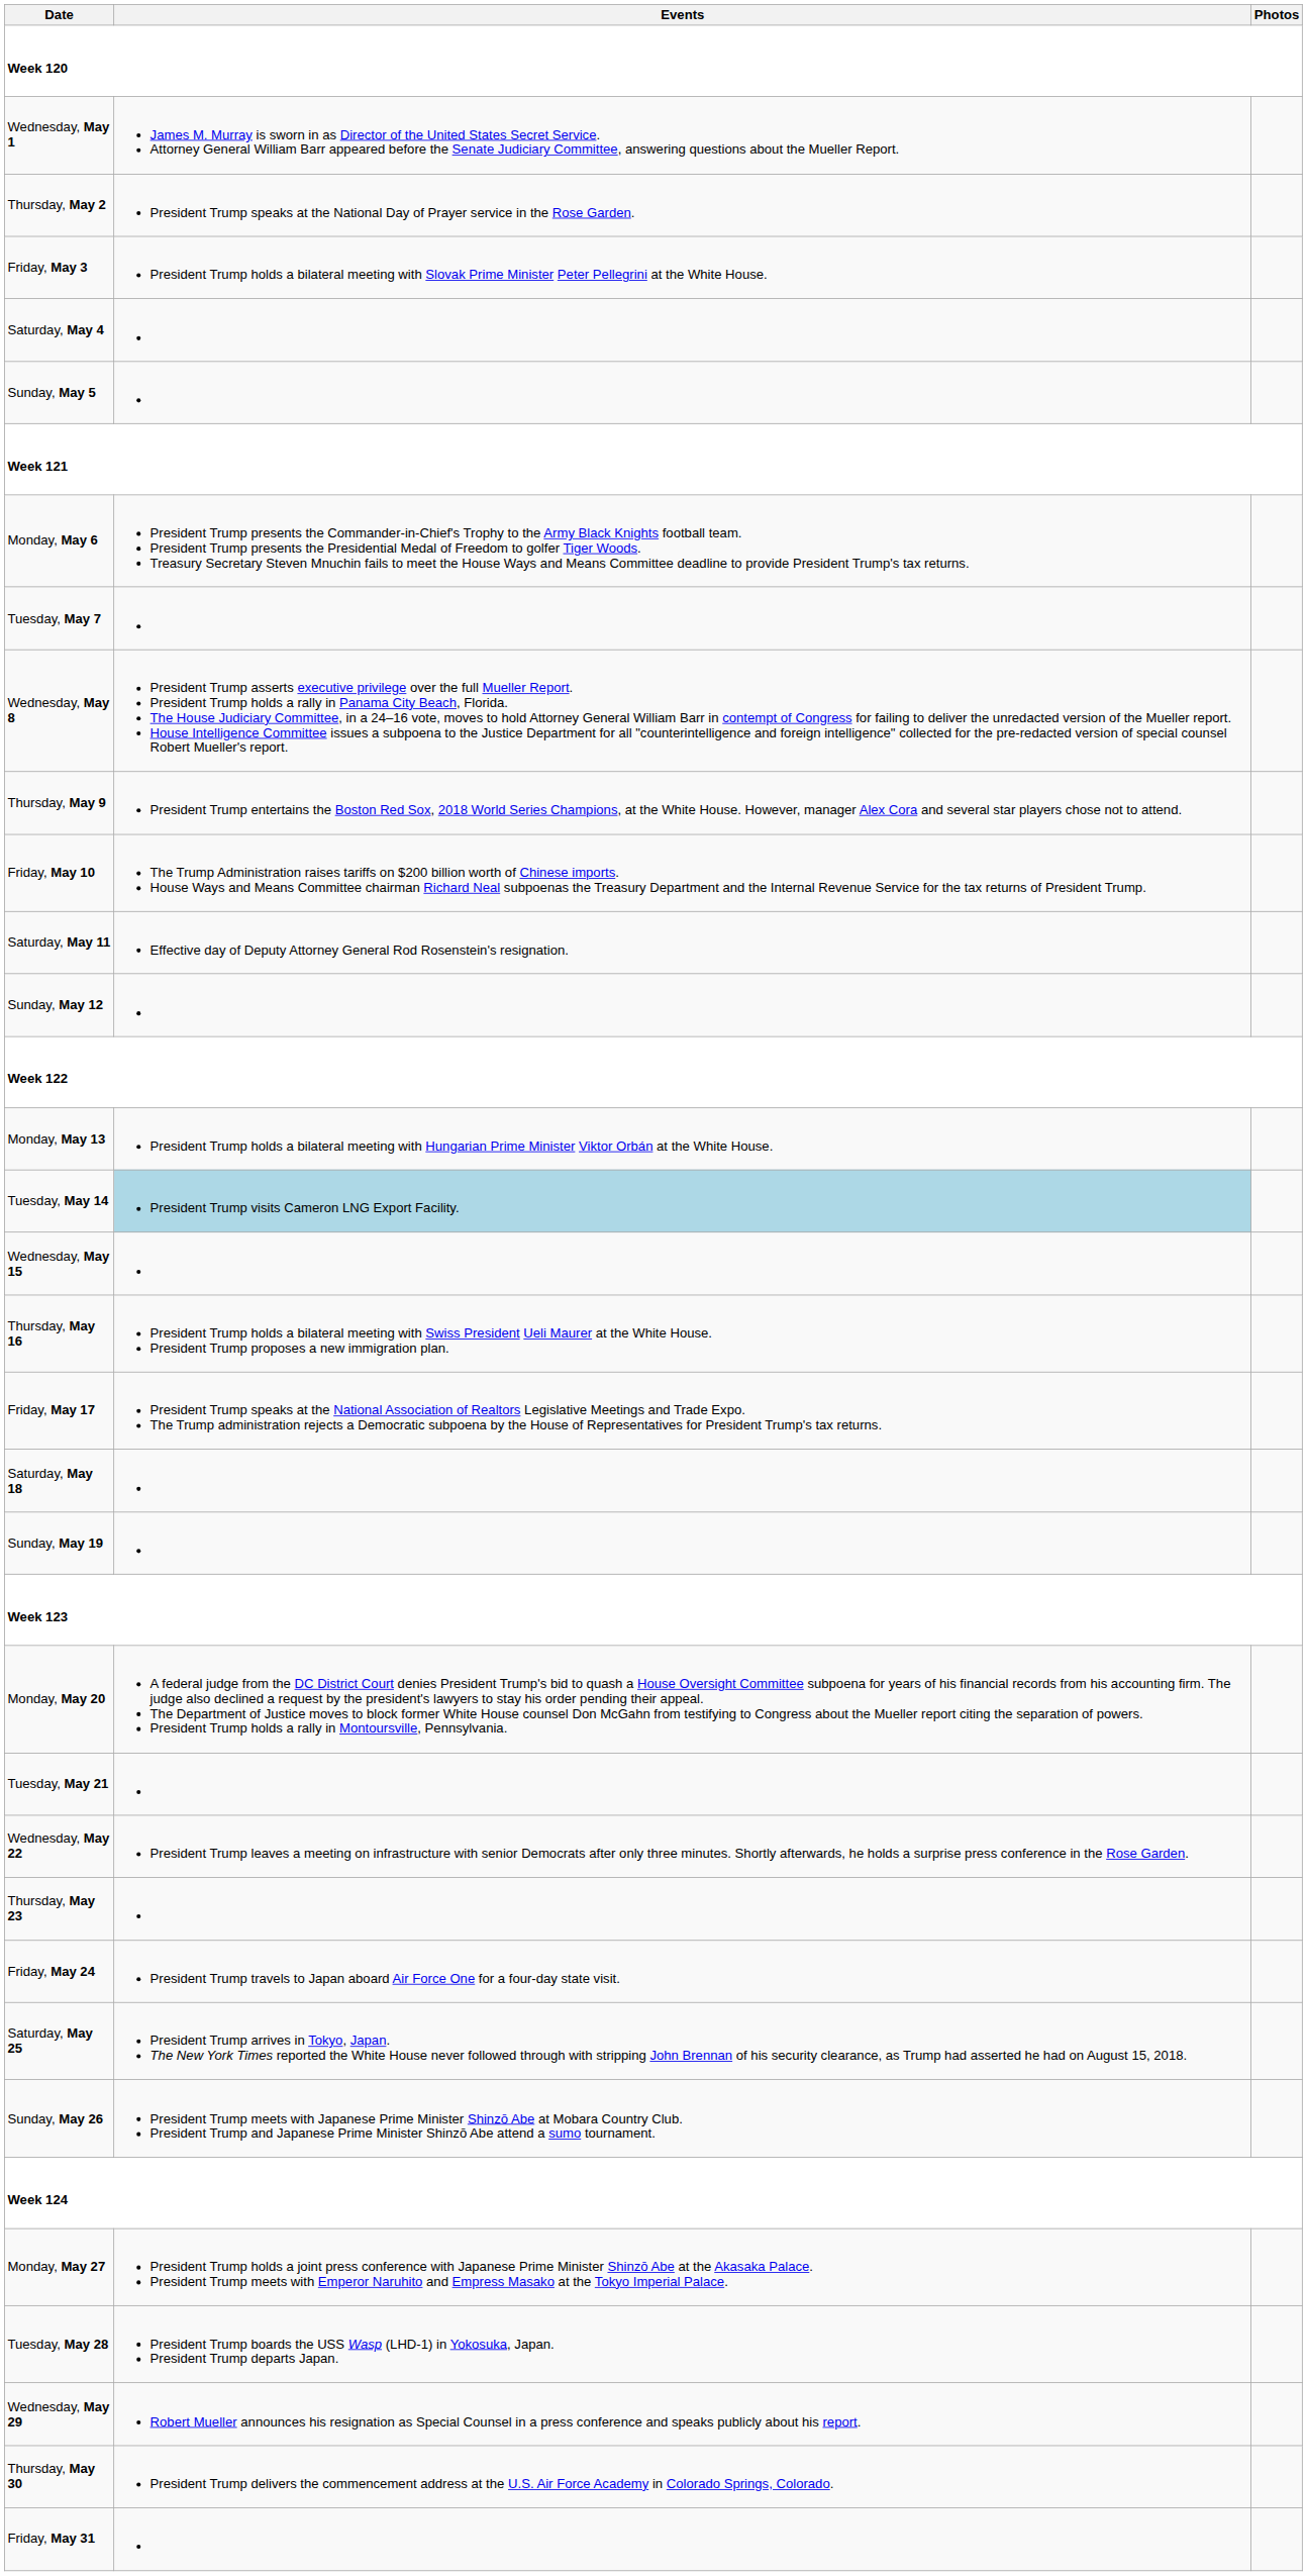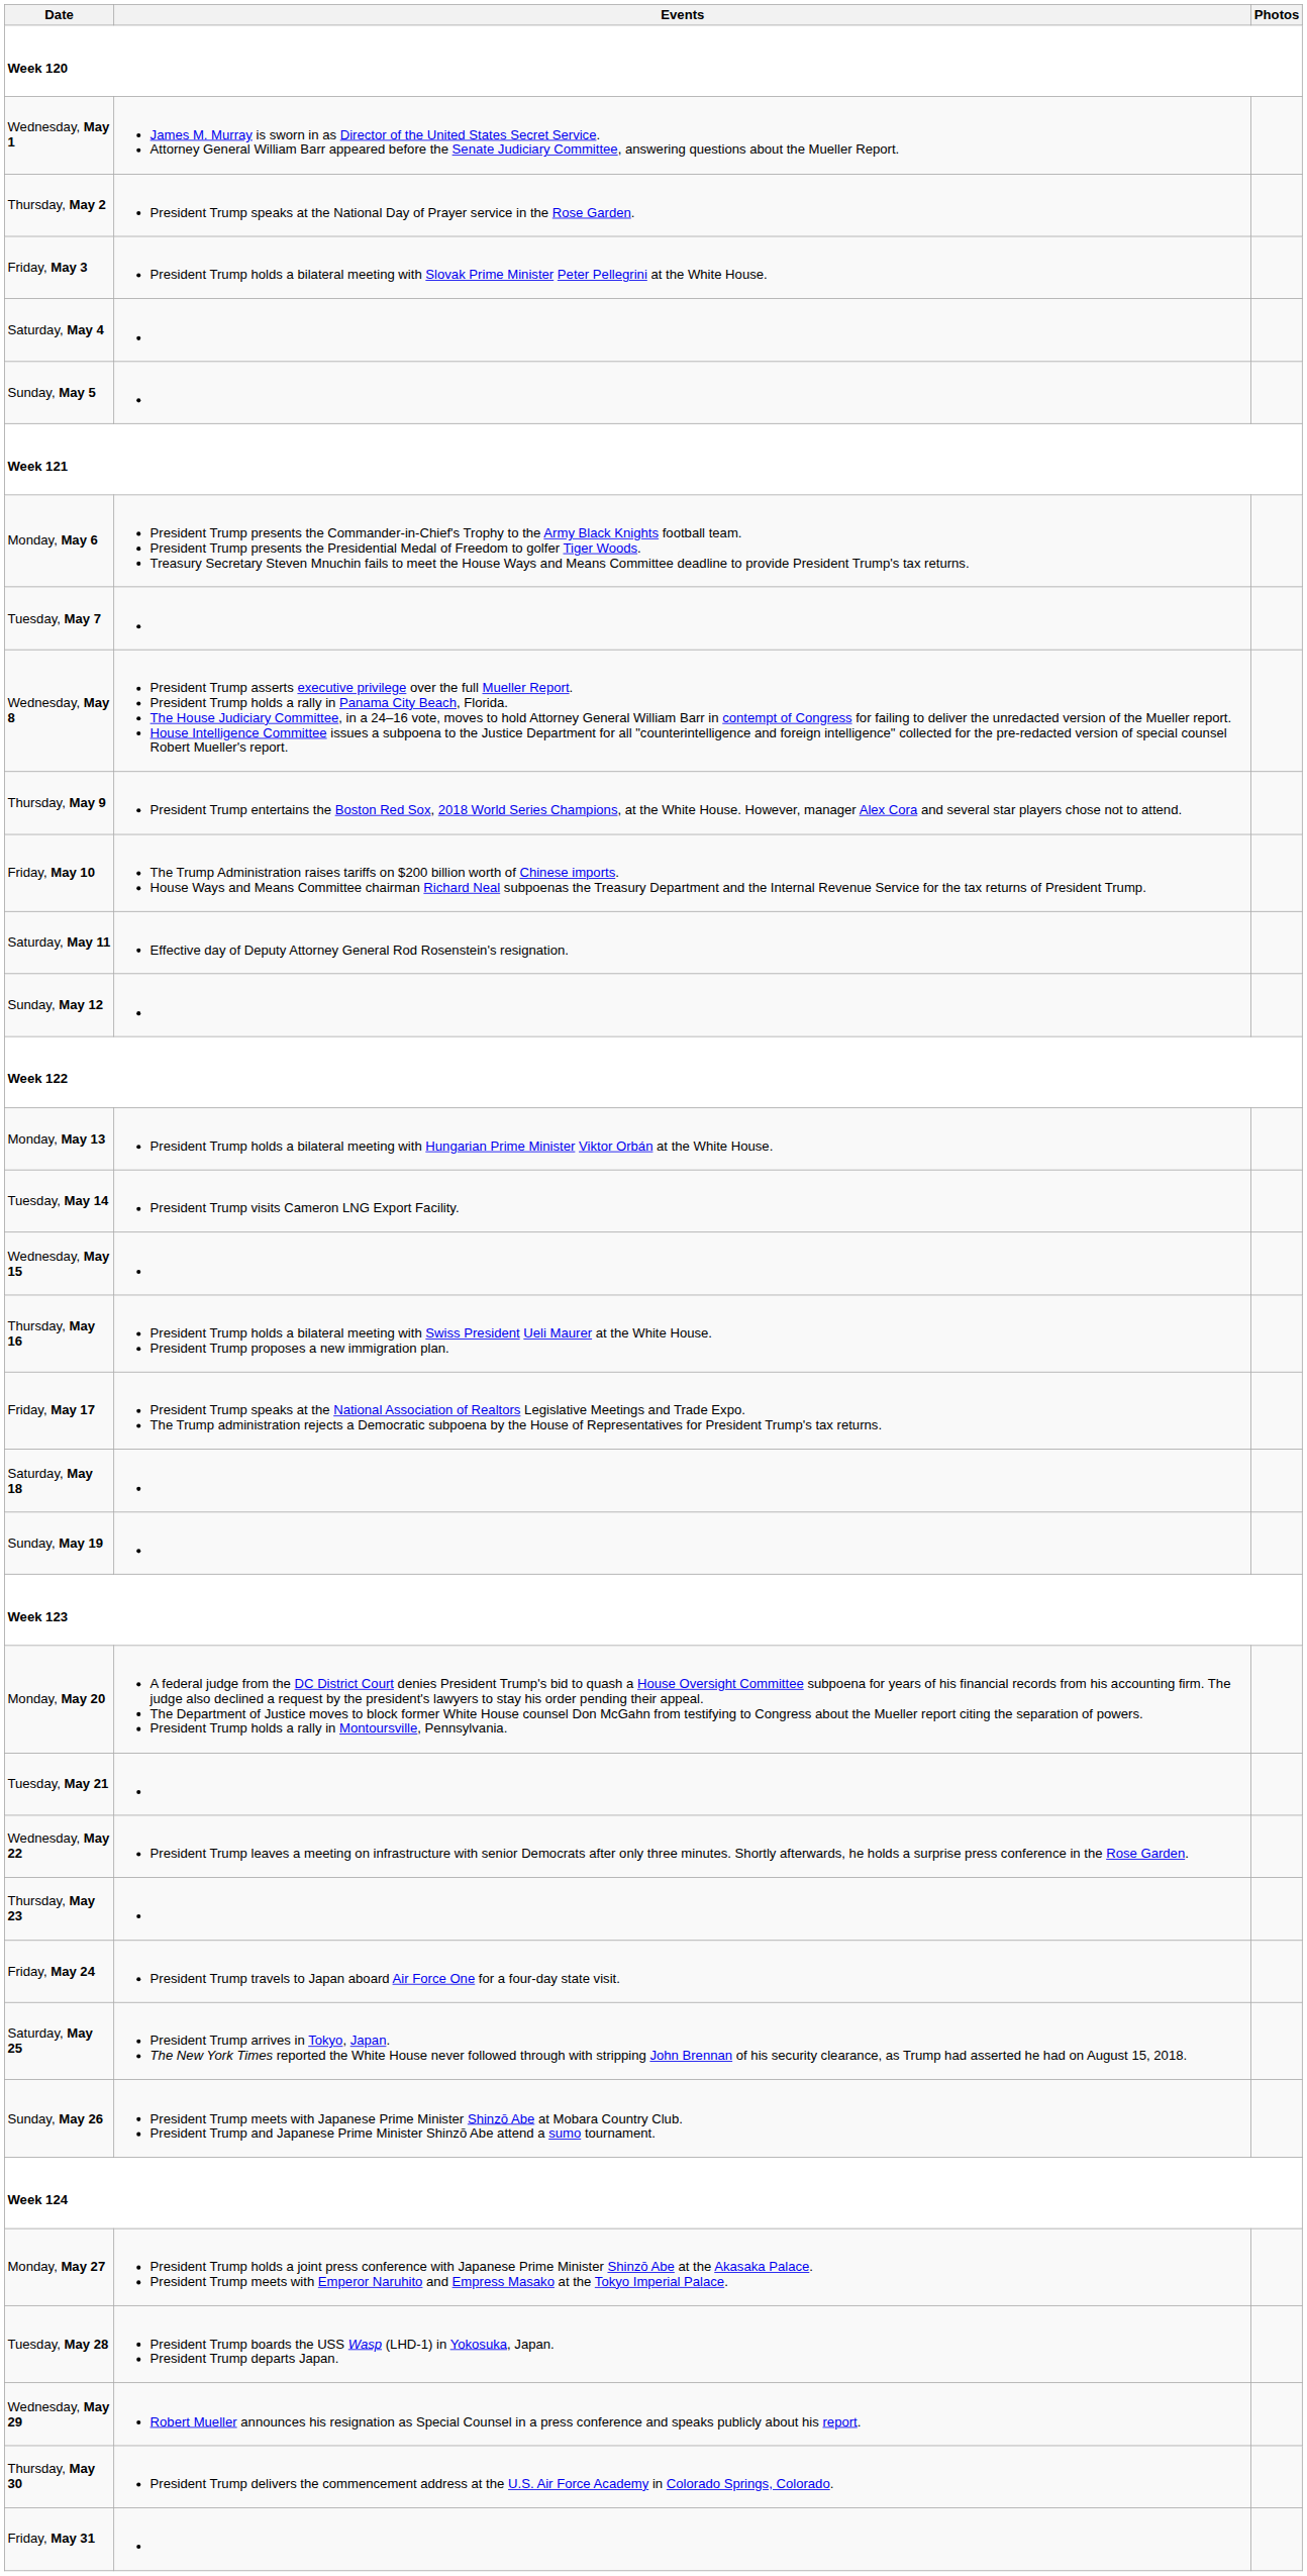 <table class="wikitable">
 <tr>
 <th>Date</th>
 <th>Events</th>
 <th>Photos</th>
 </tr>
 <tr style="background:white;">
 <td colspan="3"><br><h4>Week 120</h4></td>
 </tr>
 <tr>
 <td>Wednesday, <strong>May 1</strong></td>
 <td><br><ul><li><a href='#'>James M. Murray</a> is sworn in as <a href='#'>Director of the United States Secret Service</a>.</li><li>Attorney General William Barr appeared before the <a href='#'>Senate Judiciary Committee</a>, answering questions about the Mueller Report.</li></ul></td>
 <td></td>
 </tr>
 <tr>
 <td>Thursday, <strong>May 2</strong></td>
 <td><br><ul><li>President Trump speaks at the National Day of Prayer service in the <a href='#'>Rose Garden</a>.</li></ul></td>
 <td></td>
 </tr>
 <tr>
 <td>Friday, <strong>May 3</strong></td>
 <td><br><ul><li>President Trump holds a bilateral meeting with <a href='#'>Slovak Prime Minister</a> <a href='#'>Peter Pellegrini</a> at the White House.</li></ul></td>
 <td></td>
 </tr>
 <tr>
 <td>Saturday, <strong>May 4</strong></td>
 <td><br><ul><li></li></ul></td>
 <td></td>
 </tr>
 <tr>
 <td>Sunday, <strong>May 5</strong></td>
 <td><br><ul><li></li></ul></td>
 <td></td>
 </tr>
 <tr style="background:white;">
 <td colspan="3"><br><h4>Week 121</h4></td>
 </tr>
 <tr>
 <td>Monday, <strong>May 6</strong></td>
 <td><br><ul><li>President Trump presents the Commander-in-Chief's Trophy to the <a href='#'>Army Black Knights</a> football team.</li><li>President Trump presents the Presidential Medal of Freedom to golfer <a href='#'>Tiger Woods</a>.</li><li>Treasury Secretary Steven Mnuchin fails to meet the House Ways and Means Committee deadline to provide President Trump's tax returns.</li></ul></td>
 <td></td>
 </tr>
 <tr>
 <td>Tuesday, <strong>May 7</strong></td>
 <td><br><ul><li></li></ul></td>
 <td></td>
 </tr>
 <tr>
 <td>Wednesday, <strong>May 8</strong></td>
 <td><br><ul><li>President Trump asserts <a href='#'>executive privilege</a> over the full <a href='#'>Mueller Report</a>.</li><li>President Trump holds a rally in <a href='#'>Panama City Beach</a>, Florida.</li><li><a href='#'>The House Judiciary Committee</a>, in a 24–16 vote, moves to hold Attorney General William Barr in <a href='#'>contempt of Congress</a> for failing to deliver the unredacted version of the Mueller report.</li><li><a href='#'>House Intelligence Committee</a> issues a subpoena to the Justice Department for all "counterintelligence and foreign intelligence" collected for the pre-redacted version of special counsel Robert Mueller's report.</li></ul></td>
 <td></td>
 </tr>
 <tr>
 <td>Thursday, <strong>May 9</strong></td>
 <td><br><ul><li>President Trump entertains the <a href='#'>Boston Red Sox</a>, <a href='#'>2018 World Series Champions</a>, at the White House. However, manager <a href='#'>Alex Cora</a> and several star players chose not to attend.</li></ul></td>
 <td></td>
 </tr>
 <tr>
 <td>Friday, <strong>May 10</strong></td>
 <td><br><ul><li>The Trump Administration raises tariffs on $200 billion worth of <a href='#'>Chinese imports</a>.</li><li>House Ways and Means Committee chairman <a href='#'>Richard Neal</a> subpoenas the Treasury Department and the Internal Revenue Service for the tax returns of President Trump.</li></ul></td>
 <td></td>
 </tr>
 <tr>
 <td>Saturday, <strong>May 11</strong></td>
 <td><br><ul><li>Effective day of Deputy Attorney General Rod Rosenstein's resignation.</li></ul></td>
 <td></td>
 </tr>
 <tr>
 <td>Sunday, <strong>May 12</strong></td>
 <td><br><ul><li></li></ul></td>
 <td></td>
 </tr>
 <tr style="background:white;">
 <td colspan="3"><br><h4>Week 122</h4></td>
 </tr>
 <tr>
 <td>Monday, <strong>May 13</strong></td>
 <td><br><ul><li>President Trump holds a bilateral meeting with <a href='#'>Hungarian Prime Minister</a> <a href='#'>Viktor Orbán</a> at the White House.</li></ul></td>
 <td></td>
 </tr>
 <tr>
 <td>Tuesday, <strong>May 14</strong></td>
-<td style="background: lightblue;"><br><ul><li>President Trump visits Cameron LNG Export Facility.</li></ul></td>
+<td><br><ul><li>President Trump visits Cameron LNG Export Facility.</li></ul></td>
 <td></td>
 </tr>
 <tr>
 <td>Wednesday, <strong>May 15</strong></td>
 <td><br><ul><li></li></ul></td>
 <td></td>
 </tr>
 <tr>
 <td>Thursday, <strong>May 16</strong></td>
 <td><br><ul><li>President Trump holds a bilateral meeting with <a href='#'>Swiss President</a> <a href='#'>Ueli Maurer</a> at the White House.</li><li>President Trump proposes a new immigration plan.</li></ul></td>
 <td></td>
 </tr>
 <tr>
 <td>Friday, <strong>May 17</strong></td>
 <td><br><ul><li>President Trump speaks at the <a href='#'>National Association of Realtors</a> Legislative Meetings and Trade Expo.</li><li>The Trump administration rejects a Democratic subpoena by the House of Representatives for President Trump's tax returns.</li></ul></td>
 <td></td>
 </tr>
 <tr>
 <td>Saturday, <strong>May 18</strong></td>
 <td><br><ul><li></li></ul></td>
 <td></td>
 </tr>
 <tr>
 <td>Sunday, <strong>May 19</strong></td>
 <td><br><ul><li></li></ul></td>
 <td></td>
 </tr>
 <tr style="background:white;">
 <td colspan="3"><br><h4>Week 123</h4></td>
 </tr>
 <tr>
 <td>Monday, <strong>May 20</strong></td>
 <td><br><ul><li>A federal judge from the <a href='#'>DC District Court</a> denies President Trump's bid to quash a <a href='#'>House Oversight Committee</a> subpoena for years of his financial records from his accounting firm. The judge also declined a request by the president's lawyers to stay his order pending their appeal.</li><li>The Department of Justice moves to block former White House counsel Don McGahn from testifying to Congress about the Mueller report citing the separation of powers.</li><li>President Trump holds a rally in <a href='#'>Montoursville</a>, Pennsylvania.</li></ul></td>
 <td></td>
 </tr>
 <tr>
 <td>Tuesday, <strong>May 21</strong></td>
 <td><br><ul><li></li></ul></td>
 <td></td>
 </tr>
 <tr>
 <td>Wednesday, <strong>May 22</strong></td>
 <td><br><ul><li>President Trump leaves a meeting on infrastructure with senior Democrats after only three minutes. Shortly afterwards, he holds a surprise press conference in the <a href='#'>Rose Garden</a>.</li></ul></td>
 <td></td>
 </tr>
 <tr>
 <td>Thursday, <strong>May 23</strong></td>
 <td><br><ul><li></li></ul></td>
 <td></td>
 </tr>
 <tr>
 <td>Friday, <strong>May 24</strong></td>
 <td><br><ul><li>President Trump travels to Japan aboard <a href='#'>Air Force One</a> for a four-day state visit.</li></ul></td>
 <td></td>
 </tr>
 <tr>
 <td>Saturday, <strong>May 25</strong></td>
 <td><br><ul><li>President Trump arrives in <a href='#'>Tokyo</a>, <a href='#'>Japan</a>.</li><li><em>The New York Times</em> reported the White House never followed through with stripping <a href='#'>John Brennan</a> of his security clearance, as Trump had asserted he had on August 15, 2018.</li></ul></td>
 <td></td>
 </tr>
 <tr>
 <td>Sunday, <strong>May 26</strong></td>
 <td><br><ul><li>President Trump meets with Japanese Prime Minister <a href='#'>Shinzō Abe</a> at Mobara Country Club.</li><li>President Trump and Japanese Prime Minister Shinzō Abe attend a <a href='#'>sumo</a> tournament.</li></ul></td>
 <td></td>
 </tr>
 <tr style="background:white;">
 <td colspan="3"><br><h4>Week 124</h4></td>
 </tr>
 <tr>
 <td>Monday, <strong>May 27</strong></td>
 <td><br><ul><li>President Trump holds a joint press conference with Japanese Prime Minister <a href='#'>Shinzō Abe</a> at the <a href='#'>Akasaka Palace</a>.</li><li>President Trump meets with <a href='#'>Emperor Naruhito</a> and <a href='#'>Empress Masako</a> at the <a href='#'>Tokyo Imperial Palace</a>.</li></ul></td>
 <td></td>
 </tr>
 <tr>
 <td>Tuesday, <strong>May 28</strong></td>
 <td><br><ul><li>President Trump boards the USS <em><a href='#'>Wasp</a></em> (LHD-1) in <a href='#'>Yokosuka</a>, Japan.</li><li>President Trump departs Japan.</li></ul></td>
 <td></td>
 </tr>
 <tr>
 <td>Wednesday, <strong>May 29</strong></td>
 <td><br><ul><li><a href='#'>Robert Mueller</a> announces his resignation as Special Counsel in a press conference and speaks publicly about his <a href='#'>report</a>.</li></ul></td>
 <td></td>
 </tr>
 <tr>
 <td>Thursday, <strong>May 30</strong></td>
 <td><br><ul><li>President Trump delivers the commencement address at the <a href='#'>U.S. Air Force Academy</a> in <a href='#'>Colorado Springs, Colorado</a>.</li></ul></td>
 <td></td>
 </tr>
 <tr>
 <td>Friday, <strong>May 31</strong></td>
 <td><br><ul><li></li></ul></td>
 <td></td>
 </tr>
 </table>
